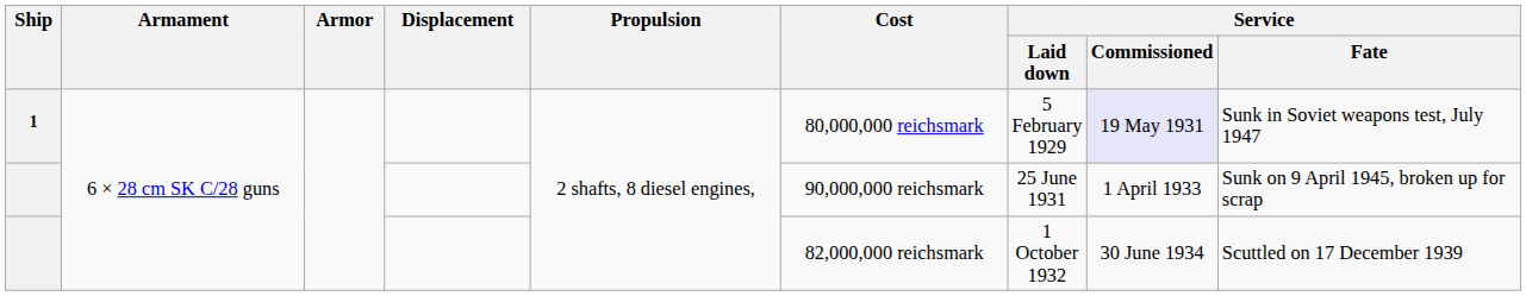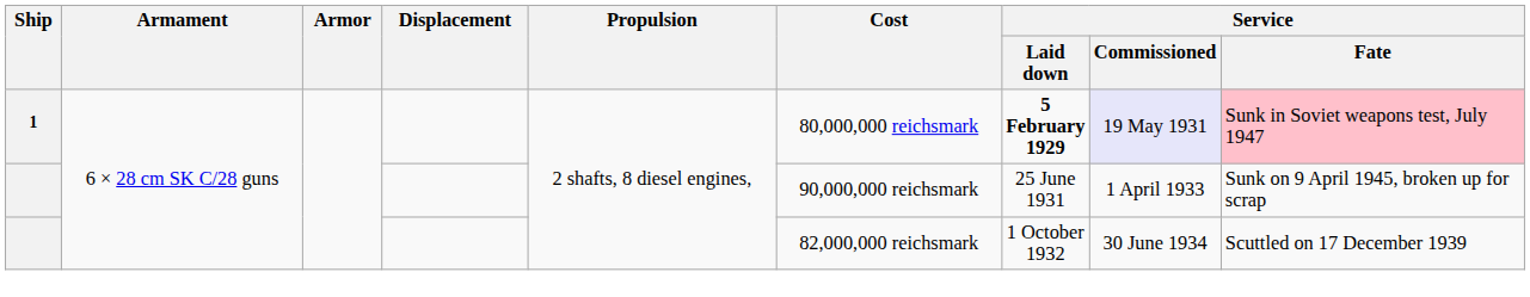 <table class="wikitable plainrowheaders" style="text-align: center;">
 <tr valign="top">
 <th scope="col" rowspan="2">Ship</th>
 <th scope="col" rowspan="2">Armament</th>
 <th scope="col" rowspan="2">Armor</th>
 <th scope="col" rowspan="2">Displacement</th>
 <th scope="col" rowspan="2">Propulsion</th>
 <th scope="col" rowspan="2">Cost</th>
 <th scope="col" colspan="3">Service</th>
 </tr>
 <tr valign="top">
 <th width="5%" scope="col">Laid down</th>
 <th width="5%" scope="col">Commissioned</th>
 <th width="20%" scope="col">Fate</th>
 </tr>
 <tr>
 <th scope="row"><sup>1</sup></th>
 <td rowspan="3">6 × <a href='#'>28 cm SK C/28</a> guns</td>
 <td rowspan="3"></td>
 <td></td>
 <td rowspan="3">2 shafts, 8 diesel engines, </td>
 <td>80,000,000 <a href='#'>reichsmark</a></td>
-<td>5 February 1929</td>
+<td><strong>5 February 1929</strong></td>
 <td style="background: lavender;">19 May 1931</td>
-<td style="text-align: left;">Sunk in Soviet weapons test, July 1947</td>
+<td style="background: pink; text-align: left;">Sunk in Soviet weapons test, July 1947</td>
 </tr>
 <tr>
 <th scope="row"></th>
 <td></td>
 <td>90,000,000 reichsmark</td>
 <td>25 June 1931</td>
 <td>1 April 1933</td>
 <td style="text-align: left;">Sunk on 9 April 1945, broken up for scrap</td>
 </tr>
 <tr>
 <th scope="row"></th>
 <td></td>
 <td>82,000,000 reichsmark</td>
 <td>1 October 1932</td>
 <td>30 June 1934</td>
 <td style="text-align: left;">Scuttled on 17 December 1939</td>
 </tr>
 </table>
